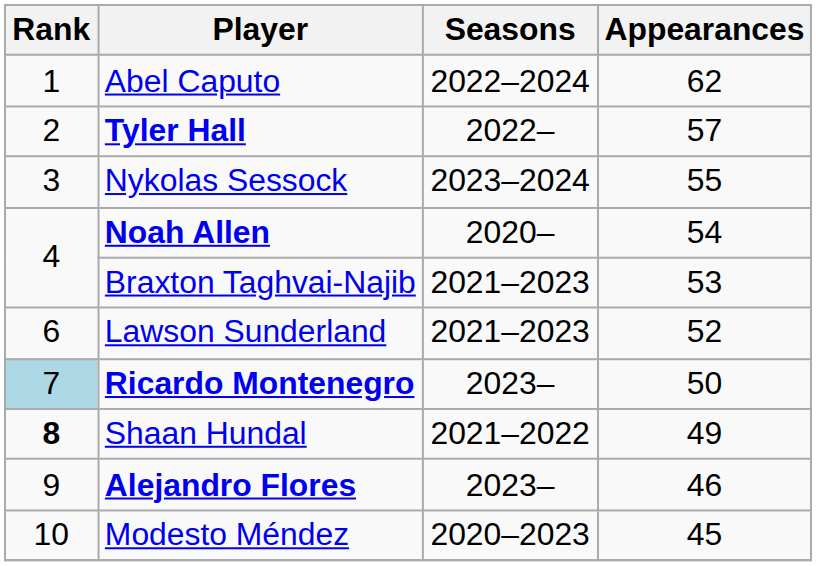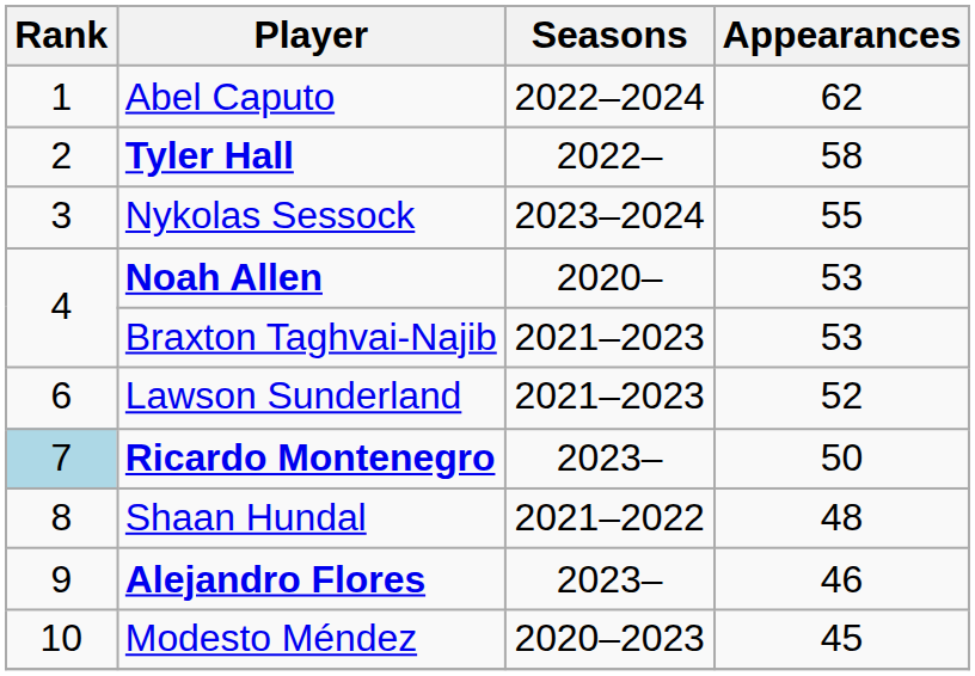 <table class="wikitable" style="text-align:center">
 <tr>
 <th scope="col">Rank</th>
 <th scope="col">Player</th>
 <th scope="col">Seasons</th>
 <th scope="col">Appearances</th>
 </tr>
 <tr>
 <td>1</td>
 <td align=left> <a href='#'>Abel Caputo</a></td>
 <td>2022–2024</td>
 <td>62</td>
 </tr>
 <tr>
 <td>2</td>
 <td align=left> <strong><a href='#'>Tyler Hall</a></strong></td>
 <td>2022–</td>
-<td>57</td>
+<td>58</td>
 </tr>
 <tr>
 <td>3</td>
 <td align=left> <a href='#'>Nykolas Sessock</a></td>
 <td>2023–2024</td>
 <td>55</td>
 </tr>
 <tr>
 <td rowspan="2”">4</td>
 <td align=left> <strong><a href='#'>Noah Allen</a></strong></td>
 <td>2020–</td>
-<td>54</td>
+<td>53</td>
 </tr>
 <tr>
 <td align=left> <a href='#'>Braxton Taghvai-Najib</a></td>
 <td>2021–2023</td>
 <td>53</td>
 </tr>
 <tr>
 <td>6</td>
 <td align=left> <a href='#'>Lawson Sunderland</a></td>
 <td>2021–2023</td>
 <td>52</td>
 </tr>
 <tr>
 <td style="background: lightblue;">7</td>
 <td align=left> <strong><a href='#'>Ricardo Montenegro</a></strong></td>
 <td>2023–</td>
 <td>50</td>
 </tr>
 <tr>
-<td><strong>8</strong></td>
+<td>8</td>
 <td align=left> <a href='#'>Shaan Hundal</a></td>
 <td>2021–2022</td>
-<td>49</td>
+<td>48</td>
 </tr>
 <tr>
 <td>9</td>
 <td align=left> <strong><a href='#'>Alejandro Flores</a></strong></td>
 <td>2023–</td>
 <td>46</td>
 </tr>
 <tr>
 <td>10</td>
 <td align=left> <a href='#'>Modesto Méndez</a></td>
 <td>2020–2023</td>
 <td>45</td>
 </tr>
 <tr>
 </tr>
 </table>
